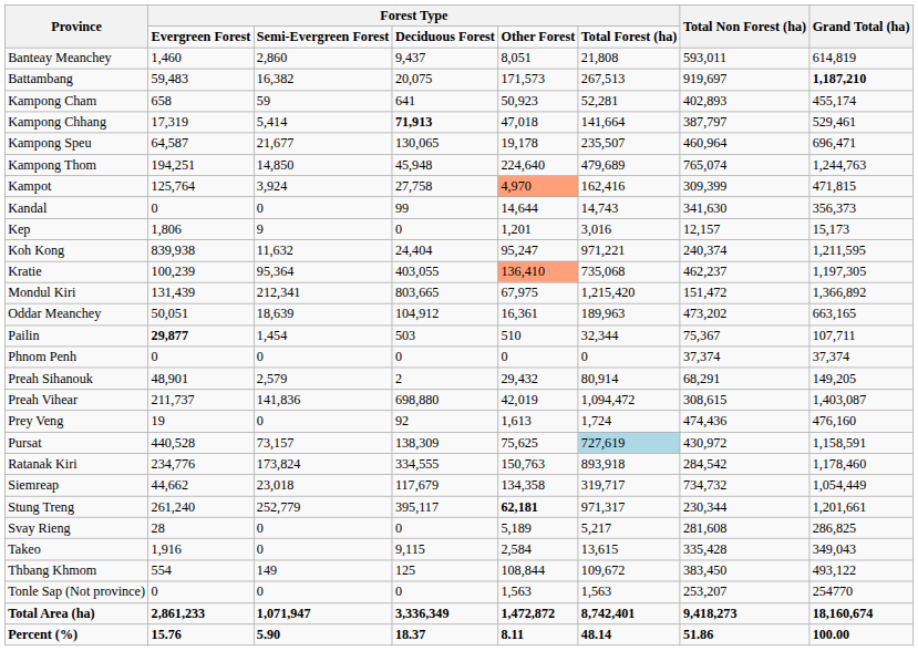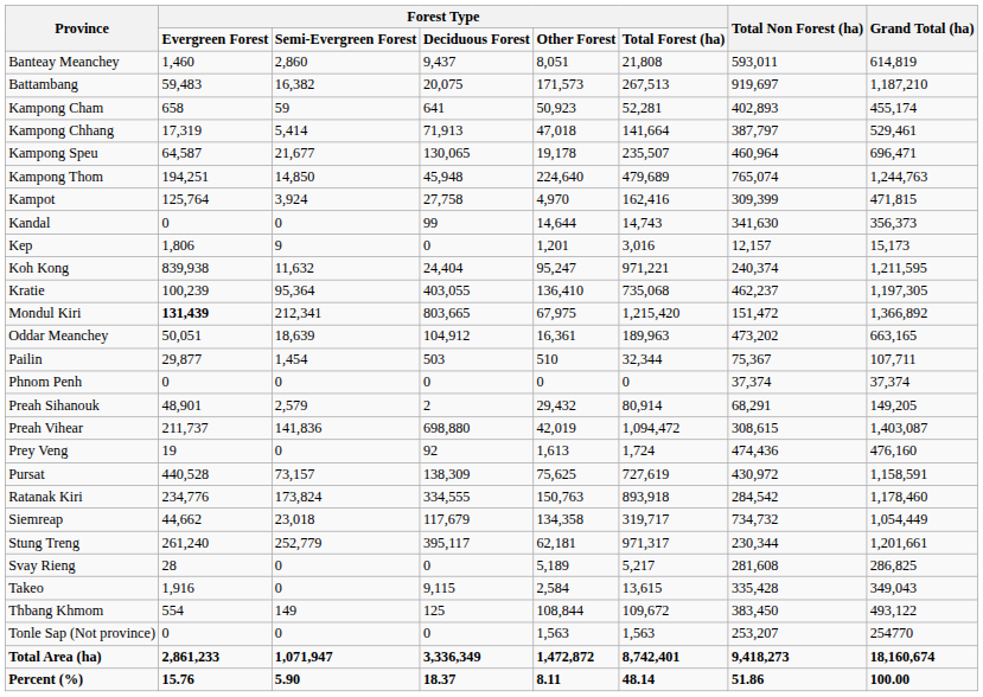 <table class="wikitable mw-collapsible">
 <tr>
 <th rowspan="2">Province</th>
 <th colspan="5">Forest Type</th>
 <th rowspan="2">Total Non Forest (ha)</th>
 <th rowspan="2">Grand Total (ha)</th>
 </tr>
 <tr>
 <td><strong>Evergreen Forest</strong></td>
 <td><strong>Semi-Evergreen Forest</strong></td>
 <td><strong>Deciduous Forest</strong></td>
 <td><strong>Other Forest</strong></td>
 <td><strong>Total Forest (ha)</strong></td>
 </tr>
 <tr>
 <td>Banteay Meanchey</td>
 <td>1,460</td>
 <td>2,860</td>
 <td>9,437</td>
 <td>8,051</td>
 <td>21,808</td>
 <td>593,011</td>
 <td>614,819</td>
 </tr>
 <tr>
 <td>Battambang</td>
 <td>59,483</td>
 <td>16,382</td>
 <td>20,075</td>
 <td>171,573</td>
 <td>267,513</td>
 <td>919,697</td>
-<td><strong>1,187,210</strong></td>
+<td>1,187,210</td>
 </tr>
 <tr>
 <td>Kampong Cham</td>
 <td>658</td>
 <td>59</td>
 <td>641</td>
 <td>50,923</td>
 <td>52,281</td>
 <td>402,893</td>
 <td>455,174</td>
 </tr>
 <tr>
 <td>Kampong Chhang</td>
 <td>17,319</td>
 <td>5,414</td>
-<td><strong>71,913</strong></td>
+<td>71,913</td>
 <td>47,018</td>
 <td>141,664</td>
 <td>387,797</td>
 <td>529,461</td>
 </tr>
 <tr>
 <td>Kampong Speu</td>
 <td>64,587</td>
 <td>21,677</td>
 <td>130,065</td>
 <td>19,178</td>
 <td>235,507</td>
 <td>460,964</td>
 <td>696,471</td>
 </tr>
 <tr>
 <td>Kampong Thom</td>
 <td>194,251</td>
 <td>14,850</td>
 <td>45,948</td>
 <td>224,640</td>
 <td>479,689</td>
 <td>765,074</td>
 <td>1,244,763</td>
 </tr>
 <tr>
 <td>Kampot</td>
 <td>125,764</td>
 <td>3,924</td>
 <td>27,758</td>
-<td style="background: lightsalmon;">4,970</td>
+<td>4,970</td>
 <td>162,416</td>
 <td>309,399</td>
 <td>471,815</td>
 </tr>
 <tr>
 <td>Kandal</td>
 <td>0</td>
 <td>0</td>
 <td>99</td>
 <td>14,644</td>
 <td>14,743</td>
 <td>341,630</td>
 <td>356,373</td>
 </tr>
 <tr>
 <td>Kep</td>
 <td>1,806</td>
 <td>9</td>
 <td>0</td>
 <td>1,201</td>
 <td>3,016</td>
 <td>12,157</td>
 <td>15,173</td>
 </tr>
 <tr>
 <td>Koh Kong</td>
 <td>839,938</td>
 <td>11,632</td>
 <td>24,404</td>
 <td>95,247</td>
 <td>971,221</td>
 <td>240,374</td>
 <td>1,211,595</td>
 </tr>
 <tr>
 <td>Kratie</td>
 <td>100,239</td>
 <td>95,364</td>
 <td>403,055</td>
-<td style="background: lightsalmon;">136,410</td>
+<td>136,410</td>
 <td>735,068</td>
 <td>462,237</td>
 <td>1,197,305</td>
 </tr>
 <tr>
 <td>Mondul Kiri</td>
-<td>131,439</td>
+<td><strong>131,439</strong></td>
 <td>212,341</td>
 <td>803,665</td>
 <td>67,975</td>
 <td>1,215,420</td>
 <td>151,472</td>
 <td>1,366,892</td>
 </tr>
 <tr>
 <td>Oddar Meanchey</td>
 <td>50,051</td>
 <td>18,639</td>
 <td>104,912</td>
 <td>16,361</td>
 <td>189,963</td>
 <td>473,202</td>
 <td>663,165</td>
 </tr>
 <tr>
 <td>Pailin</td>
-<td><strong>29,877</strong></td>
+<td>29,877</td>
 <td>1,454</td>
 <td>503</td>
 <td>510</td>
 <td>32,344</td>
 <td>75,367</td>
 <td>107,711</td>
 </tr>
 <tr>
 <td>Phnom Penh</td>
 <td>0</td>
 <td>0</td>
 <td>0</td>
 <td>0</td>
 <td>0</td>
 <td>37,374</td>
 <td>37,374</td>
 </tr>
 <tr>
 <td>Preah Sihanouk</td>
 <td>48,901</td>
 <td>2,579</td>
 <td>2</td>
 <td>29,432</td>
 <td>80,914</td>
 <td>68,291</td>
 <td>149,205</td>
 </tr>
 <tr>
 <td>Preah Vihear</td>
 <td>211,737</td>
 <td>141,836</td>
 <td>698,880</td>
 <td>42,019</td>
 <td>1,094,472</td>
 <td>308,615</td>
 <td>1,403,087</td>
 </tr>
 <tr>
 <td>Prey Veng</td>
 <td>19</td>
 <td>0</td>
 <td>92</td>
 <td>1,613</td>
 <td>1,724</td>
 <td>474,436</td>
 <td>476,160</td>
 </tr>
 <tr>
 <td>Pursat</td>
 <td>440,528</td>
 <td>73,157</td>
 <td>138,309</td>
 <td>75,625</td>
-<td style="background: lightblue;">727,619</td>
+<td>727,619</td>
 <td>430,972</td>
 <td>1,158,591</td>
 </tr>
 <tr>
 <td>Ratanak Kiri</td>
 <td>234,776</td>
 <td>173,824</td>
 <td>334,555</td>
 <td>150,763</td>
 <td>893,918</td>
 <td>284,542</td>
 <td>1,178,460</td>
 </tr>
 <tr>
 <td>Siemreap</td>
 <td>44,662</td>
 <td>23,018</td>
 <td>117,679</td>
 <td>134,358</td>
 <td>319,717</td>
 <td>734,732</td>
 <td>1,054,449</td>
 </tr>
 <tr>
 <td>Stung Treng</td>
 <td>261,240</td>
 <td>252,779</td>
 <td>395,117</td>
-<td><strong>62,181</strong></td>
+<td>62,181</td>
 <td>971,317</td>
 <td>230,344</td>
 <td>1,201,661</td>
 </tr>
 <tr>
 <td>Svay Rieng</td>
 <td>28</td>
 <td>0</td>
 <td>0</td>
 <td>5,189</td>
 <td>5,217</td>
 <td>281,608</td>
 <td>286,825</td>
 </tr>
 <tr>
 <td>Takeo</td>
 <td>1,916</td>
 <td>0</td>
 <td>9,115</td>
 <td>2,584</td>
 <td>13,615</td>
 <td>335,428</td>
 <td>349,043</td>
 </tr>
 <tr>
 <td>Thbang Khmom</td>
 <td>554</td>
 <td>149</td>
 <td>125</td>
 <td>108,844</td>
 <td>109,672</td>
 <td>383,450</td>
 <td>493,122</td>
 </tr>
 <tr>
 <td>Tonle Sap (Not province)</td>
 <td>0</td>
 <td>0</td>
 <td>0</td>
 <td>1,563</td>
 <td>1,563</td>
 <td>253,207</td>
 <td>254770</td>
 </tr>
 <tr>
 <td><strong>Total Area (ha)</strong></td>
 <td><strong>2,861,233</strong></td>
 <td><strong>1,071,947</strong></td>
 <td><strong>3,336,349</strong></td>
 <td><strong>1,472,872</strong></td>
 <td><strong>8,742,401</strong></td>
 <td><strong>9,418,273</strong></td>
 <td><strong>18,160,674</strong></td>
 </tr>
 <tr>
 <td><strong>Percent (%)</strong></td>
 <td><strong>15.76</strong></td>
 <td><strong>5.90</strong></td>
 <td><strong>18.37</strong></td>
 <td><strong>8.11</strong></td>
 <td><strong>48.14</strong></td>
 <td><strong>51.86</strong></td>
 <td><strong>100.00</strong></td>
 </tr>
 </table>
